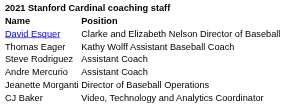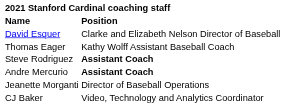 <table class="toccolours" style="text-align: left; font-size:90%;">
 <tr>
 <th colspan="9">2021 Stanford Cardinal coaching staff</th>
 </tr>
 <tr>
 <th>Name</th>
 <th>Position</th>
 </tr>
 <tr>
 <td><a href='#'>David Esquer</a></td>
 <td>Clarke and Elizabeth Nelson Director of Baseball</td>
 </tr>
 <tr>
 <td>Thomas Eager</td>
 <td>Kathy Wolff Assistant Baseball Coach</td>
 </tr>
 <tr>
 <td>Steve Rodriguez</td>
-<td>Assistant Coach</td>
+<td><strong>Assistant Coach</strong></td>
 </tr>
 <tr>
 <td>Andre Mercurio</td>
-<td>Assistant Coach</td>
+<td><strong>Assistant Coach</strong></td>
 </tr>
 <tr>
 <td>Jeanette Morganti</td>
 <td>Director of Baseball Operations</td>
 </tr>
 <tr>
 <td>CJ Baker</td>
 <td>Video, Technology and Analytics Coordinator</td>
 </tr>
 </table>
